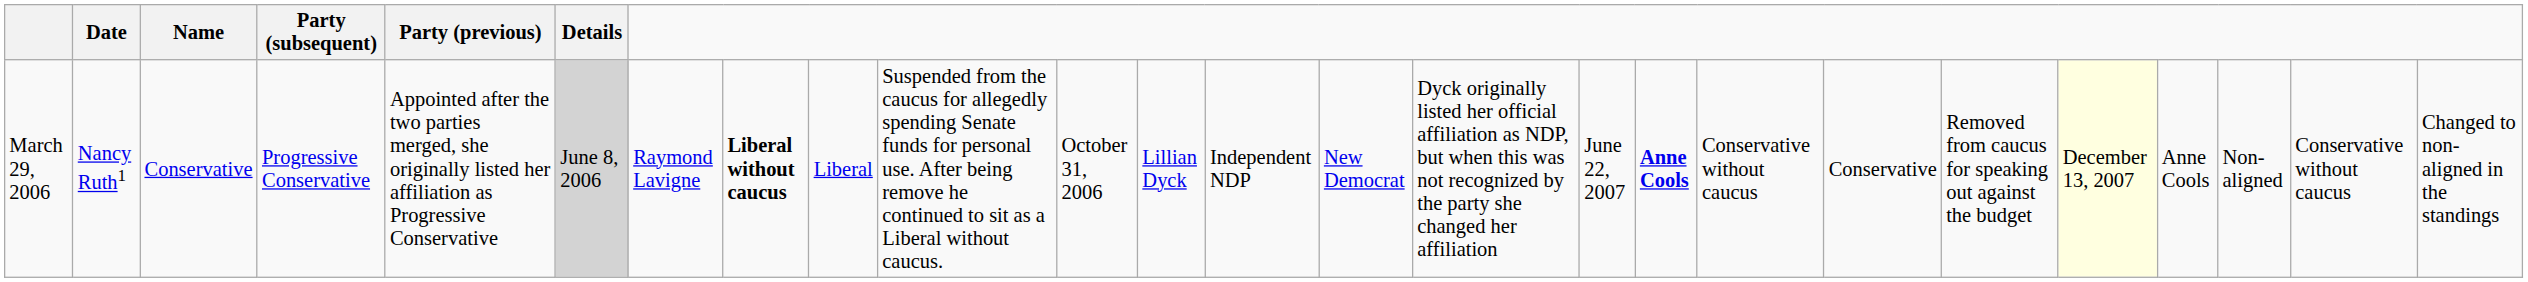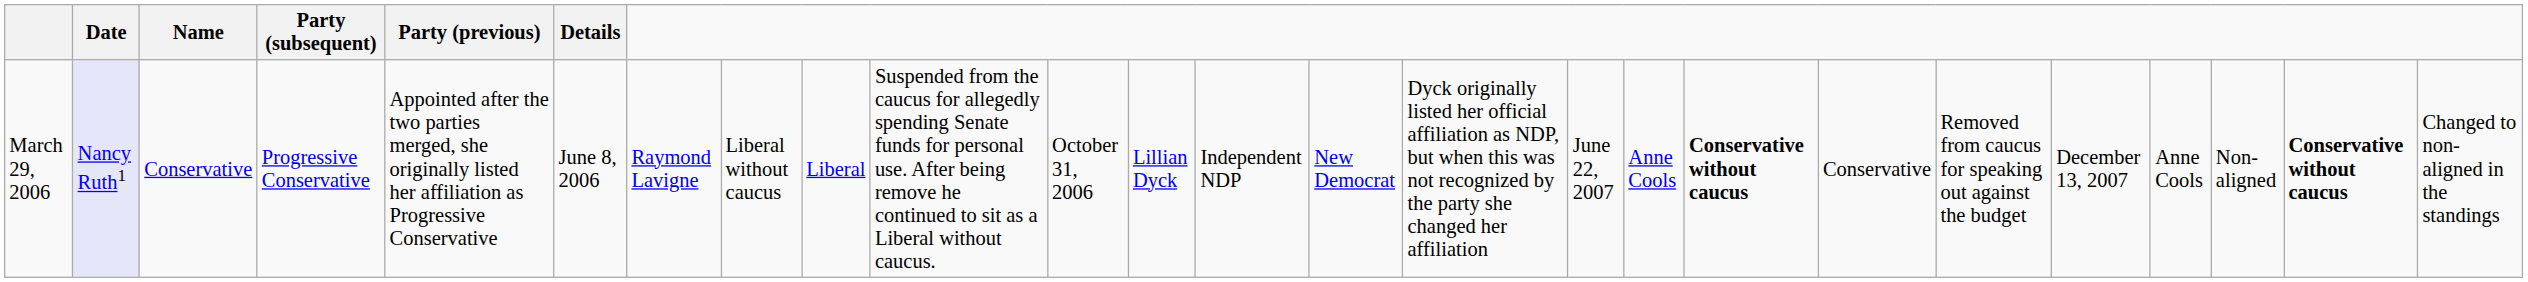 <table class="sortable wikitable">
 <tr>
 <th></th>
 <th>Date</th>
 <th>Name</th>
 <th>Party (subsequent)</th>
 <th>Party (previous)</th>
 <th>Details</th>
 </tr>
 <tr>
 <td>March 29, 2006</td>
-<td><a href='#'>Nancy Ruth</a><sup>1</sup></td>
+<td style="background: lavender;"><a href='#'>Nancy Ruth</a><sup>1</sup></td>
 <td><a href='#'>Conservative</a></td>
 <td><a href='#'>Progressive Conservative</a></td>
 <td>Appointed after the two parties merged, she originally listed her affiliation as Progressive Conservative<br></td>
-<td style="background: lightgrey;">June 8, 2006</td>
+<td>June 8, 2006</td>
 <td><a href='#'>Raymond Lavigne</a></td>
-<td><strong>Liberal without caucus</strong></td>
+<td>Liberal without caucus</td>
 <td><a href='#'>Liberal</a></td>
 <td>Suspended from the caucus for allegedly spending Senate funds for personal use. After being remove he continued to sit as a Liberal without caucus.<br></td>
 <td>October 31, 2006</td>
 <td><a href='#'>Lillian Dyck</a></td>
 <td>Independent NDP</td>
 <td><a href='#'>New Democrat</a></td>
 <td>Dyck originally listed her official affiliation as NDP, but when this was not recognized by the party she changed her affiliation<br></td>
 <td>June 22, 2007</td>
-<td><strong><a href='#'>Anne Cools</a></strong></td>
-<td>Conservative without caucus</td>
+<td><a href='#'>Anne Cools</a></td>
+<td><strong>Conservative without caucus</strong></td>
 <td>Conservative</td>
 <td>Removed from caucus for speaking out against the budget<br></td>
-<td style="background: lightyellow;">December 13, 2007</td>
+<td>December 13, 2007</td>
 <td>Anne Cools</td>
 <td>Non-aligned</td>
-<td>Conservative without caucus</td>
+<td><strong>Conservative without caucus</strong></td>
 <td>Changed to non-aligned in the standings</td>
 </tr>
 </table>
